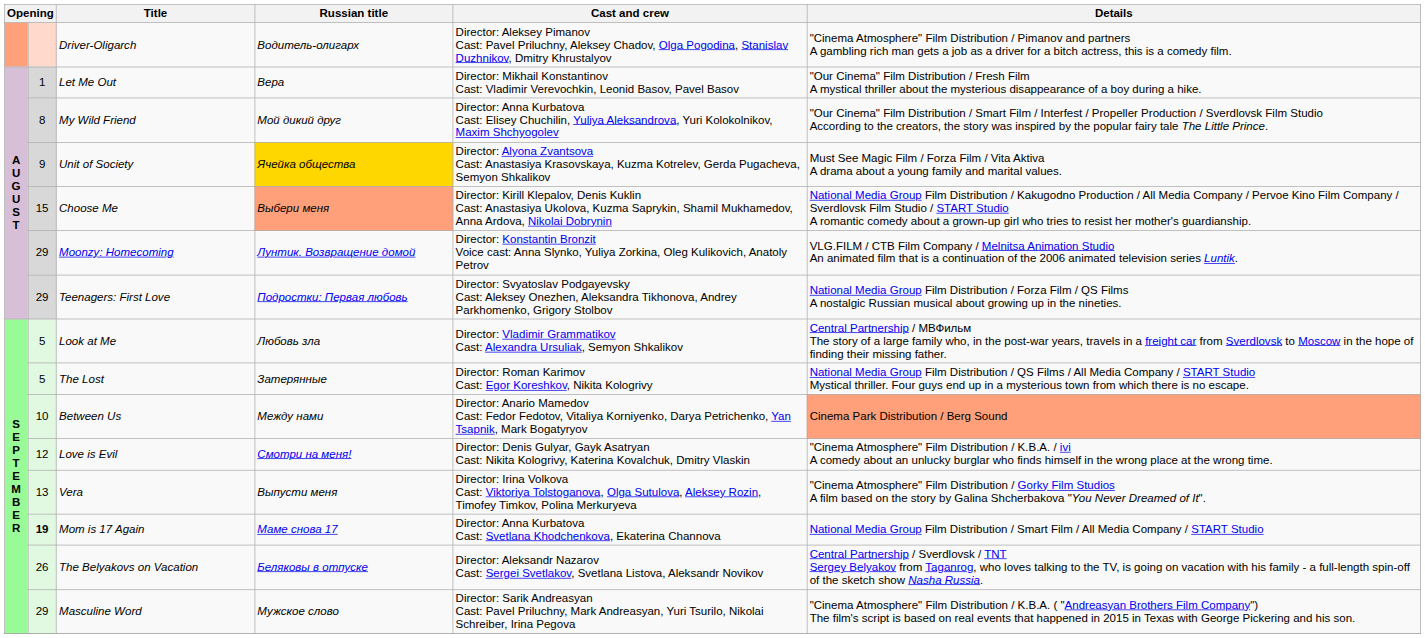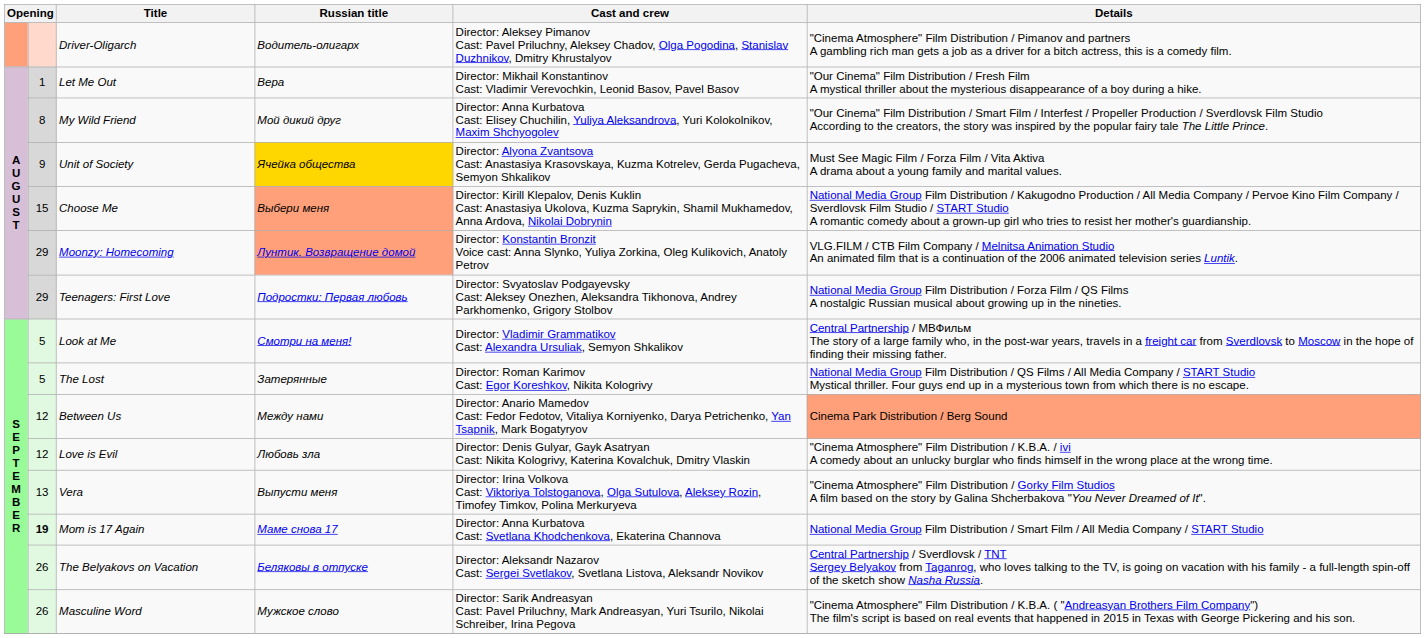 <table class="wikitable">
 <tr>
 <th colspan="2">Opening</th>
 <th style="width:14%;">Title</th>
 <th style="width:14%;">Russian title</th>
 <th style="width:25%;">Cast and crew</th>
 <th>Details</th>
 </tr>
 <tr>
 <th rowspan="1" align="center" style="background:#ffa07a; textcolor:#000;"></th>
 <td align="center" style="background:#ffdacc;"></td>
 <td><em>Driver-Oligarch</em></td>
 <td><em>Водитель-олигарх</em></td>
 <td>Director: Aleksey Pimanov <br> Cast: Pavel Priluchny, Aleksey Chadov, <a href='#'>Olga Pogodina</a>, <a href='#'>Stanislav Duzhnikov</a>, Dmitry Khrustalyov</td>
 <td>"Cinema Atmosphere" Film Distribution / Pimanov and partners <br> A gambling rich man gets a job as a driver for a bitch actress, this is a comedy film.</td>
 </tr>
 <tr>
 <th rowspan="6" align="center" style="background:thistle; textcolor:#000;">A<br>U<br>G<br>U<br>S<br>T</th>
 <td align="center" style="background:#d8d8d8;">1</td>
 <td><em>Let Me Out</em></td>
 <td><em>Вера</em></td>
 <td>Director: Mikhail Konstantinov <br> Cast: Vladimir Verevochkin, Leonid Basov, Pavel Basov</td>
 <td>"Our Cinema" Film Distribution / Fresh Film <br> A mystical thriller about the mysterious disappearance of a boy during a hike.</td>
 </tr>
 <tr>
 <td align="center" style="background:#d8d8d8;">8</td>
 <td><em>My Wild Friend</em></td>
 <td><em>Мой дикий друг</em></td>
 <td>Director: Anna Kurbatova <br> Cast: Elisey Chuchilin, <a href='#'>Yuliya Aleksandrova</a>, Yuri Kolokolnikov, <a href='#'>Maxim Shchyogolev</a></td>
 <td>"Our Cinema" Film Distribution / Smart Film / Interfest / Propeller Production / Sverdlovsk Film Studio <br> According to the creators, the story was inspired by the popular fairy tale <em>The Little Prince</em>.</td>
 </tr>
 <tr>
 <td align="center" style="background:#d8d8d8;">9</td>
 <td><em>Unit of Society</em></td>
 <td style="background: gold;"><em>Ячейка общества</em></td>
 <td>Director: <a href='#'>Alyona Zvantsova</a> <br> Cast: Anastasiya Krasovskaya, Kuzma Kotrelev, Gerda Pugacheva, Semyon Shkalikov</td>
 <td>Must See Magic Film / Forza Film / Vita Aktiva <br> A drama about a young family and marital values.</td>
 </tr>
 <tr>
 <td align="center" style="background:#d8d8d8;">15</td>
 <td><em>Choose Me</em></td>
 <td style="background: lightsalmon;"><em>Выбери меня</em></td>
 <td>Director: Kirill Klepalov, Denis Kuklin <br> Cast: Anastasiya Ukolova, Kuzma Saprykin, Shamil Mukhamedov, Anna Ardova, <a href='#'>Nikolai Dobrynin</a></td>
 <td><a href='#'>National Media Group</a> Film Distribution / Kakugodno Production / All Media Company / Pervoe Kino Film Company / Sverdlovsk Film Studio / <a href='#'>START Studio</a> <br> A romantic comedy about a grown-up girl who tries to resist her mother's guardianship.</td>
 </tr>
 <tr>
 <td align="center" style="background:#d8d8d8;">29</td>
 <td><em><a href='#'>Moonzy: Homecoming</a></em></td>
-<td><em><a href='#'>Лунтик. Возвращение домой</a></em></td>
+<td style="background: lightsalmon;"><em><a href='#'>Лунтик. Возвращение домой</a></em></td>
 <td>Director: <a href='#'>Konstantin Bronzit</a> <br> Voice cast: Anna Slynko, Yuliya Zorkina, Oleg Kulikovich, Anatoly Petrov</td>
 <td>VLG.FILM / CTB Film Company / <a href='#'>Melnitsa Animation Studio</a> <br> An animated film that is a continuation of the 2006 animated television series <em><a href='#'>Luntik</a></em>.</td>
 </tr>
 <tr>
 <td align="center" style="background:#d8d8d8;">29</td>
 <td><em>Teenagers: First Love</em></td>
 <td><em><a href='#'>Подростки: Первая любовь</a></em></td>
 <td>Director: Svyatoslav Podgayevsky <br> Cast: Aleksey Onezhen, Aleksandra Tikhonova, Andrey Parkhomenko, Grigory Stolbov</td>
 <td><a href='#'>National Media Group</a> Film Distribution / Forza Film / QS Films <br> A nostalgic Russian musical about growing up in the nineties.</td>
 </tr>
 <tr>
 <th rowspan="8" align="center" style="background:#98fb98; textcolor:#000;">S<br>E<br>P<br>T<br>E<br>M<br>B<br>E<br>R</th>
 <td align="center" style="background:#e0f9e0;">5</td>
 <td><em>Look at Me</em></td>
-<td><em>Любовь зла</em></td>
+<td><em><a href='#'>Смотри на меня!</a></em></td>
 <td>Director: <a href='#'>Vladimir Grammatikov</a> <br> Cast: <a href='#'>Alexandra Ursuliak</a>, Semyon Shkalikov</td>
 <td><a href='#'>Central Partnership</a> / МВФильм <br> The story of a large family who, in the post-war years, travels in a <a href='#'>freight car</a> from <a href='#'>Sverdlovsk</a> to <a href='#'>Moscow</a> in the hope of finding their missing father.</td>
 </tr>
 <tr>
 <td align="center" style="background:#e0f9e0;">5</td>
 <td><em>The Lost</em></td>
 <td><em>Затерянные</em></td>
 <td>Director: Roman Karimov <br> Cast: <a href='#'>Egor Koreshkov</a>, Nikita Kologrivy</td>
 <td><a href='#'>National Media Group</a> Film Distribution / QS Films / All Media Company / <a href='#'>START Studio</a> <br> Mystical thriller. Four guys end up in a mysterious town from which there is no escape.</td>
 </tr>
 <tr>
-<td align="center" style="background:#e0f9e0;">10</td>
+<td align="center" style="background:#e0f9e0;">12</td>
 <td><em>Between Us</em></td>
 <td><em>Между нами</em></td>
 <td>Director: Anario Mamedov <br> Cast: Fedor Fedotov, Vitaliya Korniyenko, Darya Petrichenko, <a href='#'>Yan Tsapnik</a>, Mark Bogatyryov</td>
 <td style="background: lightsalmon;">Cinema Park Distribution / Berg Sound</td>
 </tr>
 <tr>
 <td align="center" style="background:#e0f9e0;">12</td>
 <td><em>Love is Evil</em></td>
-<td><em><a href='#'>Смотри на меня!</a></em></td>
+<td><em>Любовь зла</em></td>
 <td>Director: Denis Gulyar, Gayk Asatryan <br> Cast: Nikita Kologrivy, Katerina Kovalchuk, Dmitry Vlaskin</td>
 <td>"Cinema Atmosphere" Film Distribution / K.B.A. / <a href='#'>ivi</a> <br> A comedy about an unlucky burglar who finds himself in the wrong place at the wrong time.</td>
 </tr>
 <tr>
 <td align="center" style="background:#e0f9e0;">13</td>
 <td><em>Vera</em></td>
 <td><em>Выпусти меня</em></td>
 <td>Director: Irina Volkova <br> Cast: <a href='#'>Viktoriya Tolstoganova</a>, <a href='#'>Olga Sutulova</a>, <a href='#'>Aleksey Rozin</a>, Timofey Timkov, Polina Merkuryeva</td>
 <td>"Cinema Atmosphere" Film Distribution / <a href='#'>Gorky Film Studios</a> <br> A film based on the story by Galina Shcherbakova "<em>You Never Dreamed of It</em>".</td>
 </tr>
 <tr>
 <td align="center" style="background:#e0f9e0;"><strong>19</strong></td>
 <td><em>Mom is 17 Again</em></td>
 <td><em><a href='#'>Маме снова 17</a></em></td>
 <td>Director: Anna Kurbatova <br> Cast: <a href='#'>Svetlana Khodchenkova</a>, Ekaterina Channova</td>
 <td><a href='#'>National Media Group</a> Film Distribution / Smart Film / All Media Company / <a href='#'>START Studio</a></td>
 </tr>
 <tr>
 <td align="center" style="background:#e0f9e0;">26</td>
 <td><em>The Belyakovs on Vacation</em></td>
 <td><em><a href='#'>Беляковы в отпуске</a></em></td>
 <td>Director: Aleksandr Nazarov <br> Cast: <a href='#'>Sergei Svetlakov</a>, Svetlana Listova, Aleksandr Novikov</td>
 <td><a href='#'>Central Partnership</a> / Sverdlovsk / <a href='#'>TNT</a> <br> <a href='#'>Sergey Belyakov</a> from <a href='#'>Taganrog</a>, who loves talking to the TV, is going on vacation with his family - a full-length spin-off of the sketch show <em><a href='#'>Nasha Russia</a></em>.</td>
 </tr>
 <tr>
-<td align="center" style="background:#e0f9e0;">29</td>
+<td align="center" style="background:#e0f9e0;">26</td>
 <td><em>Masculine Word</em></td>
 <td><em>Мужское слово</em></td>
 <td>Director: Sarik Andreasyan <br> Cast: Pavel Priluchny, Mark Andreasyan, Yuri Tsurilo, Nikolai Schreiber, Irina Pegova</td>
 <td>"Cinema Atmosphere" Film Distribution / K.B.A. ( "<a href='#'>Andreasyan Brothers Film Company</a>") <br> The film's script is based on real events that happened in 2015 in Texas with George Pickering and his son.</td>
 </tr>
 <tr>
 </tr>
 </table>
